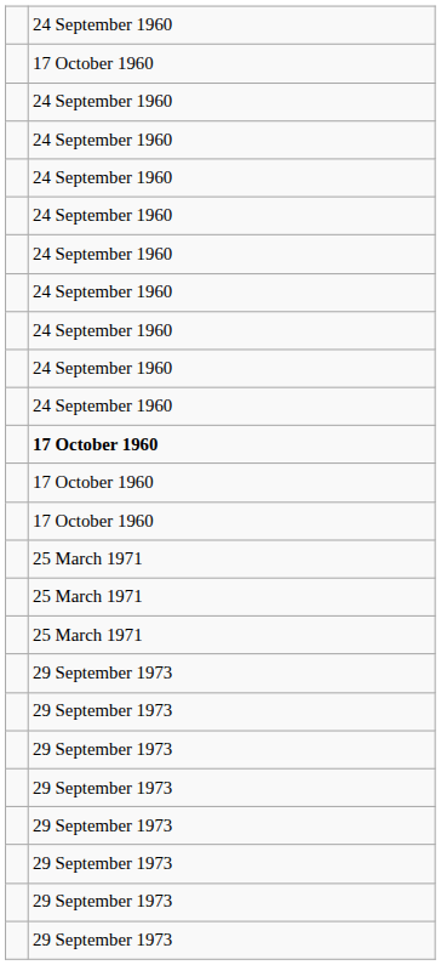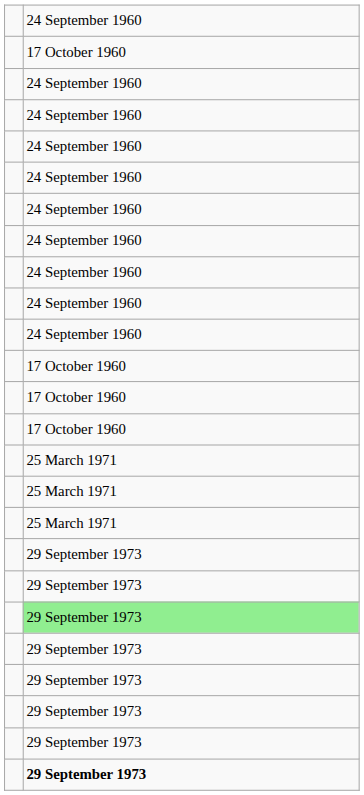 <table class="wikitable" style="font-size: 89%; float: left; width: 24em; margin-right: 1em; line-height: 1.65em">
 <tr>
 <td></td>
 <td>24 September 1960</td>
 </tr>
 <tr>
 <td></td>
 <td>17 October 1960</td>
 </tr>
 <tr>
 <td></td>
 <td>24 September 1960</td>
 </tr>
 <tr>
 <td></td>
 <td>24 September 1960</td>
 </tr>
 <tr>
 <td></td>
 <td>24 September 1960</td>
 </tr>
 <tr>
 <td></td>
 <td>24 September 1960</td>
 </tr>
 <tr>
 <td></td>
 <td>24 September 1960</td>
 </tr>
 <tr>
 <td></td>
 <td>24 September 1960</td>
 </tr>
 <tr>
 <td></td>
 <td>24 September 1960</td>
 </tr>
 <tr>
 <td></td>
 <td>24 September 1960</td>
 </tr>
 <tr>
 <td></td>
 <td>24 September 1960</td>
 </tr>
 <tr>
 <td></td>
-<td><strong>17 October 1960</strong></td>
+<td>17 October 1960</td>
 </tr>
 <tr>
 <td></td>
 <td>17 October 1960</td>
 </tr>
 <tr>
 <td></td>
 <td>17 October 1960</td>
 </tr>
 <tr>
 <td></td>
 <td>25 March 1971</td>
 </tr>
 <tr>
 <td></td>
 <td>25 March 1971</td>
 </tr>
 <tr>
 <td></td>
 <td>25 March 1971</td>
 </tr>
 <tr>
 <td></td>
 <td>29 September 1973</td>
 </tr>
 <tr>
 <td></td>
 <td>29 September 1973</td>
 </tr>
 <tr>
 <td></td>
-<td>29 September 1973</td>
+<td style="background: lightgreen;">29 September 1973</td>
 </tr>
 <tr>
 <td></td>
 <td>29 September 1973</td>
 </tr>
 <tr>
 <td></td>
 <td>29 September 1973</td>
 </tr>
 <tr>
 <td></td>
 <td>29 September 1973</td>
 </tr>
 <tr>
 <td></td>
 <td>29 September 1973</td>
 </tr>
 <tr>
 <td></td>
-<td>29 September 1973</td>
+<td><strong>29 September 1973</strong></td>
 </tr>
 </table>
